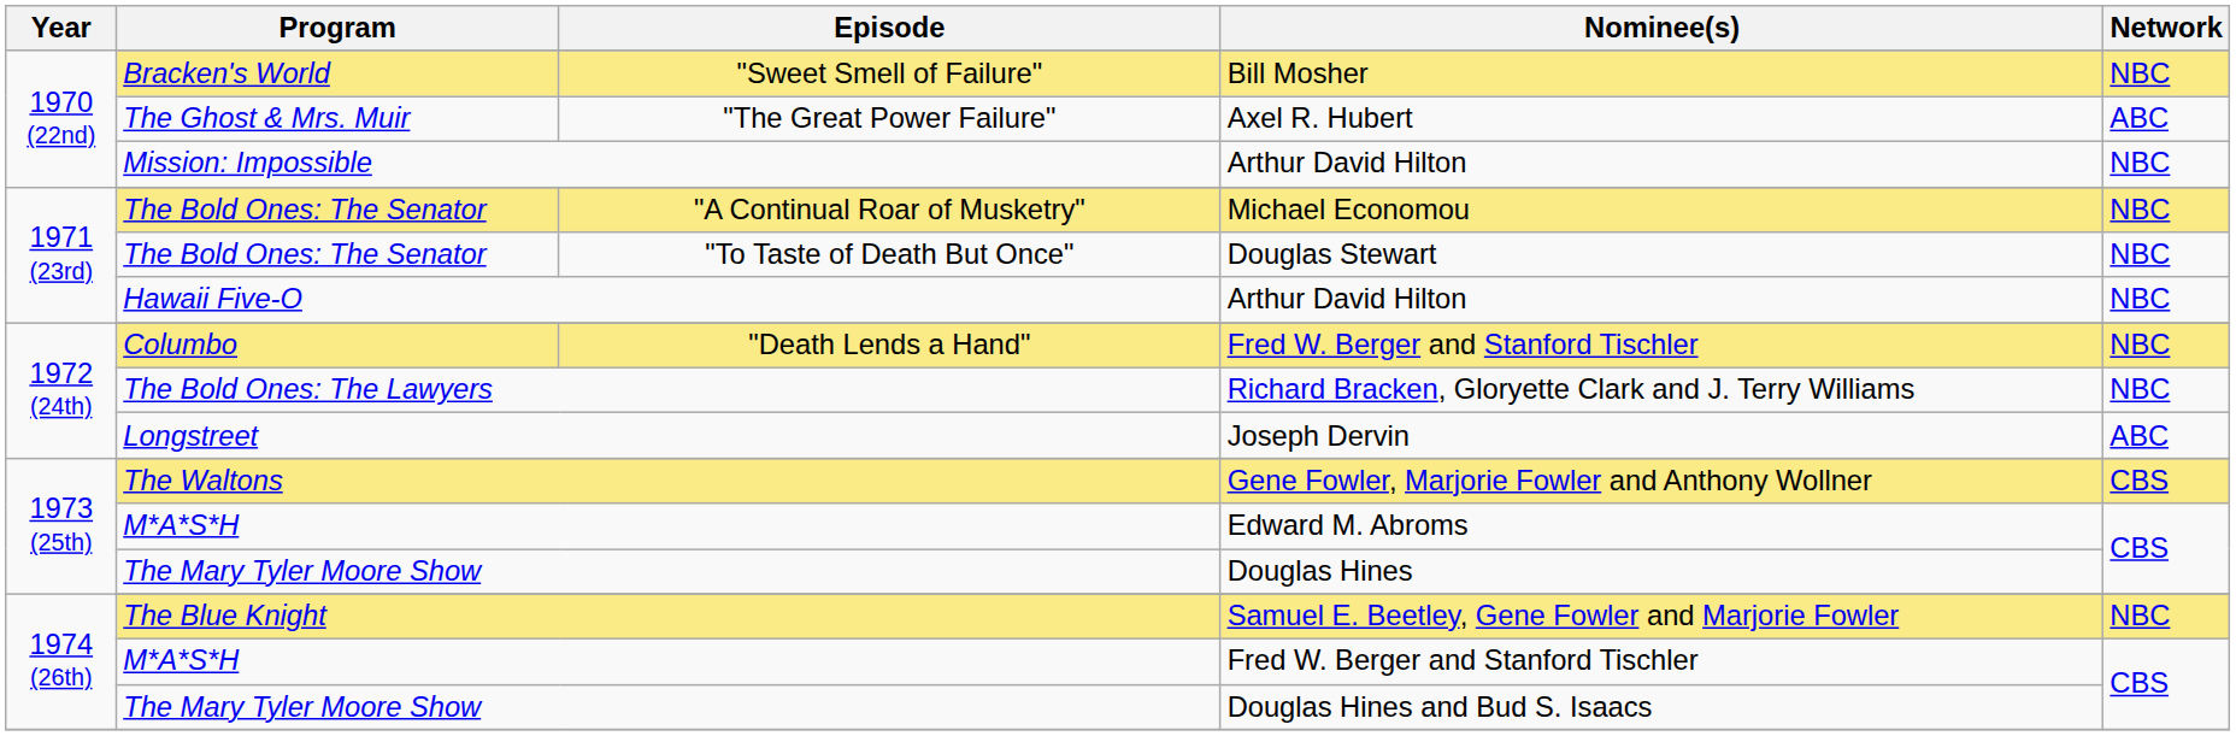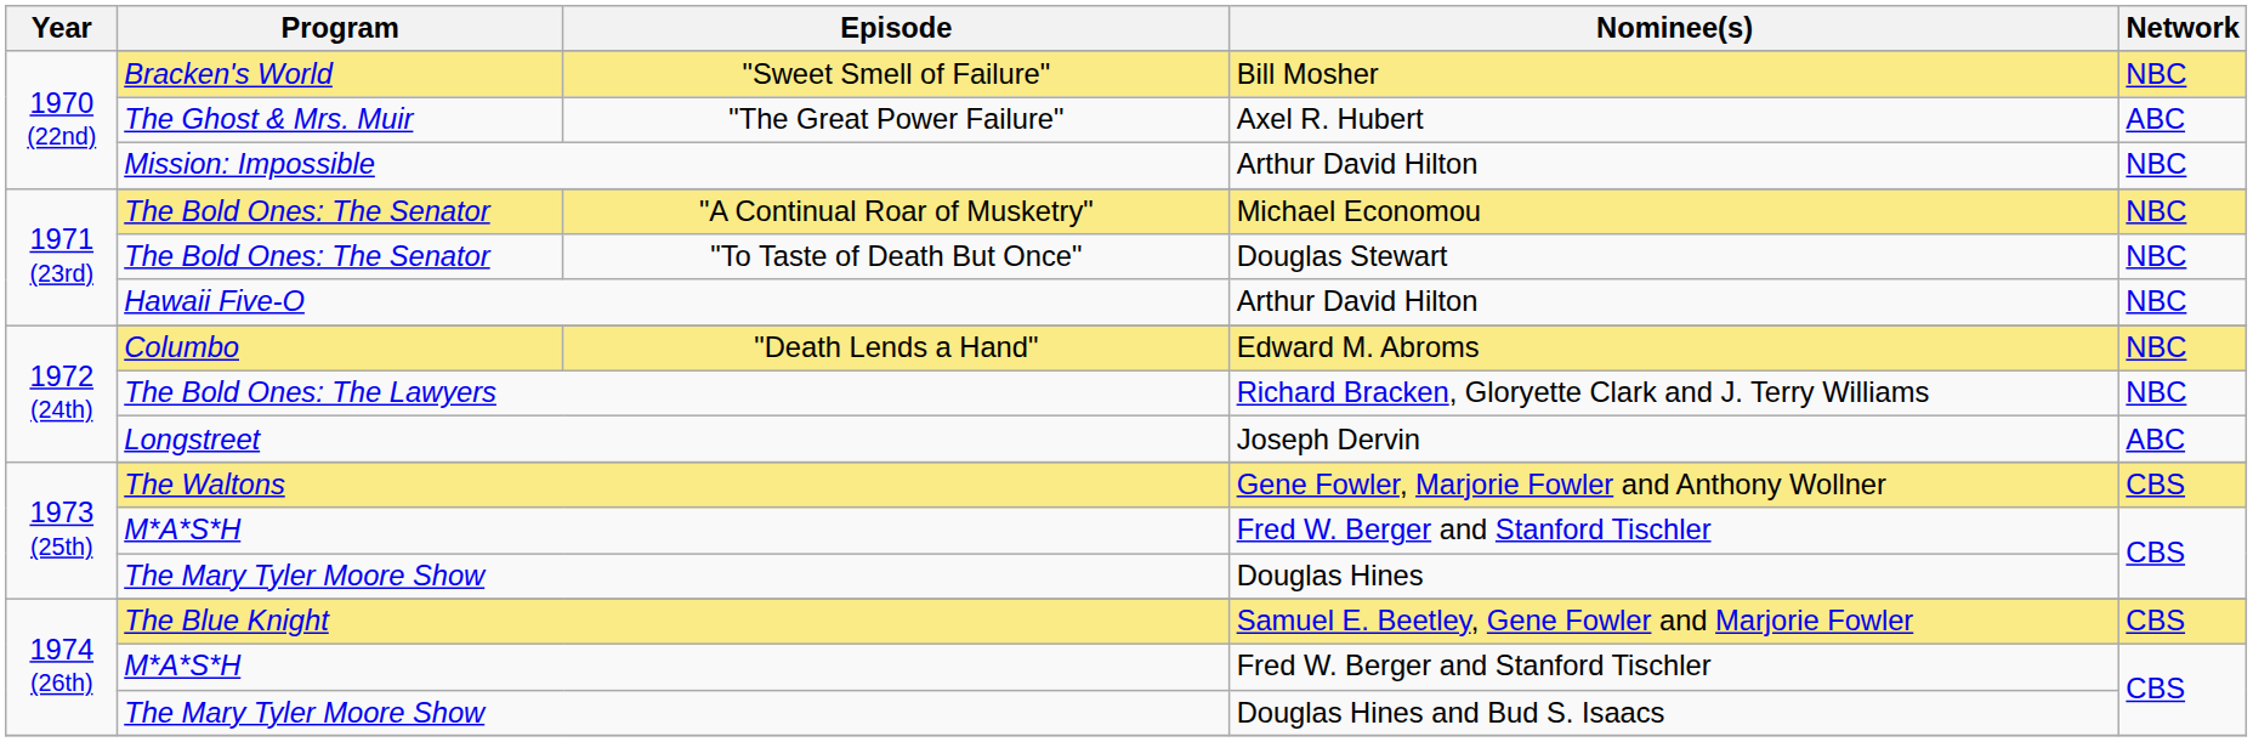 <table class="wikitable">
 <tr>
 <th width="5%">Year</th>
 <th width="20%">Program</th>
 <th width="30%">Episode</th>
 <th width="40%">Nominee(s)</th>
 <th width="5%">Network</th>
 </tr>
 <tr>
 <td rowspan=4 style="text-align:center;"><a href='#'>1970</a><br><small><a href='#'>(22nd)</a></small><br></td>
 </tr>
 <tr style="background:#FAEB86;">
 <td><em><a href='#'>Bracken's World</a></em></td>
 <td align=center>"Sweet Smell of Failure"</td>
 <td>Bill Mosher</td>
 <td><a href='#'>NBC</a></td>
 </tr>
 <tr>
 <td><em><a href='#'>The Ghost & Mrs. Muir</a></em></td>
 <td align=center>"The Great Power Failure"</td>
 <td>Axel R. Hubert</td>
 <td><a href='#'>ABC</a></td>
 </tr>
 <tr>
 <td colspan=2><em><a href='#'>Mission: Impossible</a></em></td>
 <td>Arthur David Hilton</td>
 <td><a href='#'>NBC</a></td>
 </tr>
 <tr>
 <td rowspan=4 style="text-align:center;"><a href='#'>1971</a><br><small><a href='#'>(23rd)</a></small><br></td>
 </tr>
 <tr style="background:#FAEB86;">
 <td><em><a href='#'>The Bold Ones: The Senator</a></em></td>
 <td align=center>"A Continual Roar of Musketry"</td>
 <td>Michael Economou</td>
 <td><a href='#'>NBC</a></td>
 </tr>
 <tr>
 <td><em><a href='#'>The Bold Ones: The Senator</a></em></td>
 <td align=center>"To Taste of Death But Once"</td>
 <td>Douglas Stewart</td>
 <td><a href='#'>NBC</a></td>
 </tr>
 <tr>
 <td colspan=2><em><a href='#'>Hawaii Five-O</a></em></td>
 <td>Arthur David Hilton</td>
 <td><a href='#'>NBC</a></td>
 </tr>
 <tr>
 <td rowspan=4 style="text-align:center;"><a href='#'>1972</a><br><small><a href='#'>(24th)</a></small><br></td>
 </tr>
 <tr style="background:#FAEB86;">
 <td><em><a href='#'>Columbo</a></em></td>
 <td align=center>"Death Lends a Hand"</td>
-<td><a href='#'>Fred W. Berger</a> and <a href='#'>Stanford Tischler</a></td>
+<td>Edward M. Abroms</td>
 <td><a href='#'>NBC</a></td>
 </tr>
 <tr>
 <td colspan=2><em><a href='#'>The Bold Ones: The Lawyers</a></em></td>
 <td><a href='#'>Richard Bracken</a>, Gloryette Clark and J. Terry Williams</td>
 <td><a href='#'>NBC</a></td>
 </tr>
 <tr>
 <td colspan=2><em><a href='#'>Longstreet</a></em></td>
 <td>Joseph Dervin</td>
 <td><a href='#'>ABC</a></td>
 </tr>
 <tr>
 <td rowspan=4 style="text-align:center;"><a href='#'>1973</a><br><small><a href='#'>(25th)</a></small><br></td>
 </tr>
 <tr style="background:#FAEB86;">
 <td colspan=2><em><a href='#'>The Waltons</a></em></td>
 <td><a href='#'>Gene Fowler</a>, <a href='#'>Marjorie Fowler</a> and Anthony Wollner</td>
 <td><a href='#'>CBS</a></td>
 </tr>
 <tr>
 <td colspan=2><em><a href='#'>M*A*S*H</a></em></td>
-<td>Edward M. Abroms</td>
+<td><a href='#'>Fred W. Berger</a> and <a href='#'>Stanford Tischler</a></td>
 <td rowspan=2><a href='#'>CBS</a></td>
 </tr>
 <tr>
 <td colspan=2><em><a href='#'>The Mary Tyler Moore Show</a></em></td>
 <td>Douglas Hines</td>
 </tr>
 <tr>
 <td rowspan=4 style="text-align:center;"><a href='#'>1974</a><br><small><a href='#'>(26th)</a></small><br></td>
 </tr>
 <tr style="background:#FAEB86;">
 <td colspan=2><em><a href='#'>The Blue Knight</a></em></td>
 <td><a href='#'>Samuel E. Beetley</a>, <a href='#'>Gene Fowler</a> and <a href='#'>Marjorie Fowler</a></td>
-<td><a href='#'>NBC</a></td>
+<td><a href='#'>CBS</a></td>
 </tr>
 <tr>
 <td colspan=2><em><a href='#'>M*A*S*H</a></em></td>
 <td>Fred W. Berger and Stanford Tischler</td>
 <td rowspan=2><a href='#'>CBS</a></td>
 </tr>
 <tr>
 <td colspan=2><em><a href='#'>The Mary Tyler Moore Show</a></em></td>
 <td>Douglas Hines and Bud S. Isaacs</td>
 </tr>
 <tr>
 </tr>
 </table>
